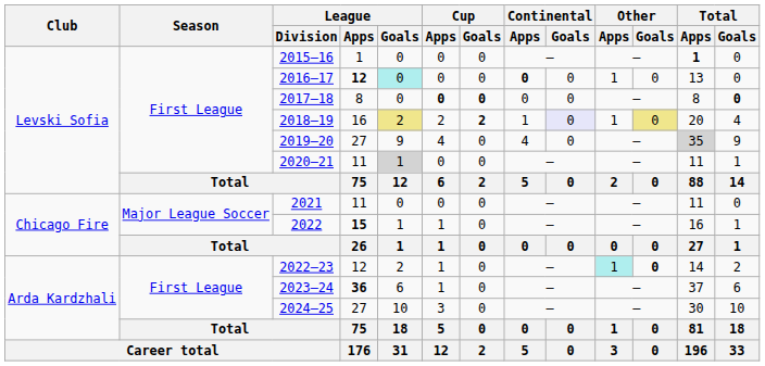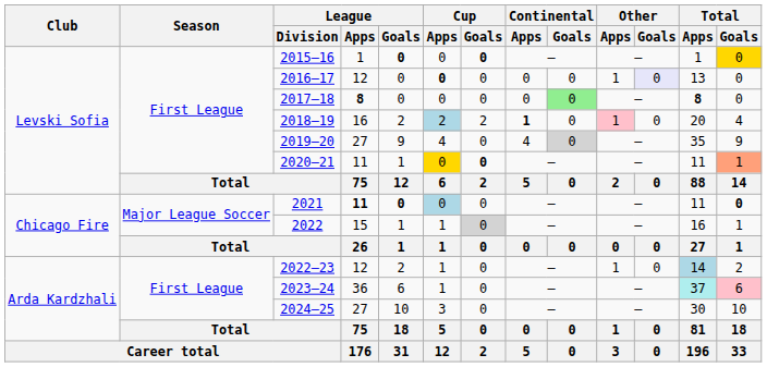 <table class="wikitable" style="text-align:center">
 <tr>
 <th rowspan="2">Club</th>
 <th rowspan="2">Season</th>
 <th colspan="3">League</th>
 <th colspan="2">Cup</th>
 <th colspan="2">Continental</th>
 <th colspan="2">Other</th>
 <th colspan="2">Total</th>
 </tr>
 <tr>
 <th>Division</th>
 <th>Apps</th>
 <th>Goals</th>
 <th>Apps</th>
 <th>Goals</th>
 <th>Apps</th>
 <th>Goals</th>
 <th>Apps</th>
 <th>Goals</th>
 <th>Apps</th>
 <th>Goals</th>
 </tr>
 <tr>
 <td rowspan="7"><a href='#'>Levski Sofia</a></td>
 <td rowspan="6"><a href='#'>First League</a></td>
 <td><a href='#'>2015–16</a></td>
 <td>1</td>
+<td><strong>0</strong></td>
+<td>0</td>
+<td><strong>0</strong></td>
+<td colspan="2">—</td>
+<td colspan="2">—</td>
+<td>1</td>
+<td style="background: gold;">0</td>
+</tr>
+<tr>
+<td><a href='#'>2016–17</a></td>
+<td>12</td>
+<td>0</td>
+<td><strong>0</strong></td>
 <td>0</td>
 <td>0</td>
 <td>0</td>
-<td colspan="2">—</td>
-<td colspan="2">—</td>
-<td><strong>1</strong></td>
-<td>0</td>
-</tr>
-<tr>
-<td><a href='#'>2016–17</a></td>
-<td><strong>12</strong></td>
-<td style="background: paleturquoise;">0</td>
-<td>0</td>
-<td>0</td>
-<td><strong>0</strong></td>
-<td>0</td>
 <td>1</td>
-<td>0</td>
+<td style="background: lavender;">0</td>
 <td>13</td>
 <td>0</td>
 </tr>
 <tr>
 <td><a href='#'>2017–18</a></td>
-<td>8</td>
-<td>0</td>
-<td><strong>0</strong></td>
-<td><strong>0</strong></td>
+<td><strong>8</strong></td>
 <td>0</td>
 <td>0</td>
+<td>0</td>
+<td>0</td>
+<td style="background: lightgreen;">0</td>
 <td colspan="2">—</td>
-<td>8</td>
-<td><strong>0</strong></td>
+<td><strong>8</strong></td>
+<td>0</td>
 </tr>
 <tr>
 <td><a href='#'>2018–19</a></td>
 <td>16</td>
-<td style="background: khaki;">2</td>
 <td>2</td>
-<td><strong>2</strong></td>
-<td>1</td>
-<td style="background: lavender;">0</td>
-<td>1</td>
-<td style="background: khaki;">0</td>
+<td style="background: lightblue;">2</td>
+<td>2</td>
+<td><strong>1</strong></td>
+<td>0</td>
+<td style="background: pink;">1</td>
+<td>0</td>
 <td>20</td>
 <td>4</td>
 </tr>
 <tr>
 <td><a href='#'>2019–20</a></td>
 <td>27</td>
 <td>9</td>
 <td>4</td>
 <td>0</td>
 <td>4</td>
-<td>0</td>
+<td style="background: lightgrey;">0</td>
 <td colspan="2">—</td>
-<td style="background: lightgrey;">35</td>
+<td>35</td>
 <td>9</td>
 </tr>
 <tr>
 <td><a href='#'>2020–21</a></td>
 <td>11</td>
-<td style="background: lightgrey;">1</td>
-<td>0</td>
-<td>0</td>
+<td>1</td>
+<td style="background: gold;">0</td>
+<td><strong>0</strong></td>
 <td colspan="2">—</td>
 <td colspan="2">—</td>
 <td>11</td>
-<td>1</td>
+<td style="background: lightsalmon;">1</td>
 </tr>
 <tr>
 <th colspan="2">Total</th>
 <th>75</th>
 <th>12</th>
 <th>6</th>
 <th>2</th>
 <th>5</th>
 <th>0</th>
 <th>2</th>
 <th>0</th>
 <th>88</th>
 <th>14</th>
 </tr>
 <tr>
 <td rowspan=3><a href='#'>Chicago Fire</a></td>
 <td rowspan=2><a href='#'>Major League Soccer</a></td>
 <td><a href='#'>2021</a></td>
-<td>11</td>
-<td>0</td>
-<td>0</td>
+<td><strong>11</strong></td>
+<td><strong>0</strong></td>
+<td style="background: lightblue;">0</td>
 <td>0</td>
 <td colspan=2>—</td>
 <td colspan=2>—</td>
 <td>11</td>
-<td>0</td>
+<td><strong>0</strong></td>
 </tr>
 <tr>
 <td><a href='#'>2022</a></td>
-<td><strong>15</strong></td>
+<td>15</td>
 <td>1</td>
 <td>1</td>
-<td>0</td>
+<td style="background: lightgrey;">0</td>
 <td colspan=2>—</td>
 <td colspan=2>—</td>
 <td>16</td>
 <td>1</td>
 </tr>
 <tr>
 <th colspan="2">Total</th>
 <th>26</th>
 <th>1</th>
 <th>1</th>
 <th>0</th>
 <th>0</th>
 <th>0</th>
 <th>0</th>
 <th>0</th>
 <th>27</th>
 <th>1</th>
 </tr>
 <tr>
 <td rowspan="4"><a href='#'>Arda Kardzhali</a></td>
 <td rowspan="3"><a href='#'>First League</a></td>
 <td><a href='#'>2022–23</a></td>
 <td>12</td>
 <td>2</td>
 <td>1</td>
 <td>0</td>
 <td colspan="2">—</td>
-<td style="background: paleturquoise;">1</td>
-<td><strong>0</strong></td>
-<td>14</td>
+<td>1</td>
+<td>0</td>
+<td style="background: lightblue;">14</td>
 <td>2</td>
 </tr>
 <tr>
 <td><a href='#'>2023–24</a></td>
-<td><strong>36</strong></td>
+<td>36</td>
 <td>6</td>
 <td>1</td>
 <td>0</td>
 <td colspan="2">—</td>
 <td colspan="2">—</td>
-<td>37</td>
-<td>6</td>
+<td style="background: paleturquoise;">37</td>
+<td style="background: pink;">6</td>
 </tr>
 <tr>
 <td><a href='#'>2024–25</a></td>
 <td>27</td>
 <td>10</td>
 <td>3</td>
 <td>0</td>
 <td colspan="2">—</td>
 <td colspan="2">—</td>
 <td>30</td>
 <td>10</td>
 </tr>
 <tr>
 <th colspan="2">Total</th>
 <th>75</th>
 <th>18</th>
 <th>5</th>
 <th>0</th>
 <th>0</th>
 <th>0</th>
 <th>1</th>
 <th>0</th>
 <th>81</th>
 <th>18</th>
 </tr>
 <tr>
 <th colspan="3">Career total</th>
 <th>176</th>
 <th>31</th>
 <th>12</th>
 <th>2</th>
 <th>5</th>
 <th>0</th>
 <th>3</th>
 <th>0</th>
 <th>196</th>
 <th>33</th>
 </tr>
 </table>
